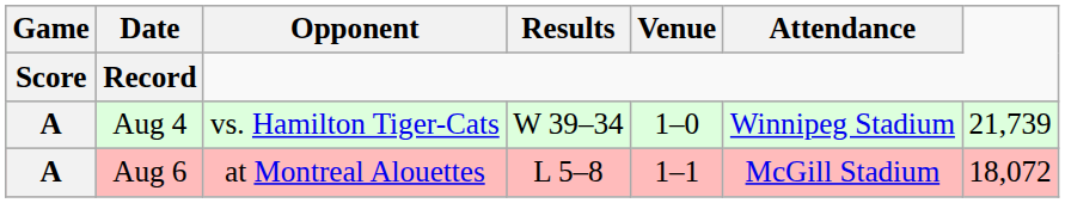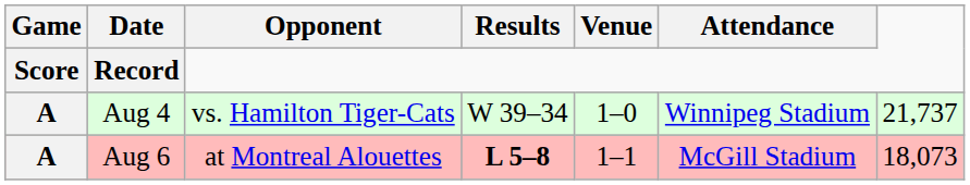 <table class="wikitable" style="text-align:center">
 <tr>
 <th>Game</th>
 <th>Date</th>
 <th>Opponent</th>
 <th>Results</th>
 <th>Venue</th>
 <th>Attendance</th>
 </tr>
 <tr>
 <th>Score</th>
 <th>Record</th>
 </tr>
 <tr style="background:#ddffdd">
 <th>A</th>
 <td>Aug 4</td>
 <td>vs. <a href='#'>Hamilton Tiger-Cats</a></td>
 <td>W 39–34</td>
 <td>1–0</td>
 <td><a href='#'>Winnipeg Stadium</a></td>
-<td>21,739</td>
+<td>21,737</td>
 </tr>
 <tr style="background:#ffbbbb">
 <th>A</th>
 <td>Aug 6</td>
 <td>at <a href='#'>Montreal Alouettes</a></td>
-<td>L 5–8</td>
+<td><strong>L 5–8</strong></td>
 <td>1–1</td>
 <td><a href='#'>McGill Stadium</a></td>
-<td>18,072</td>
+<td>18,073</td>
 </tr>
 </table>
